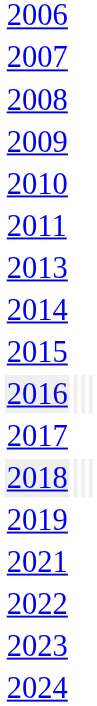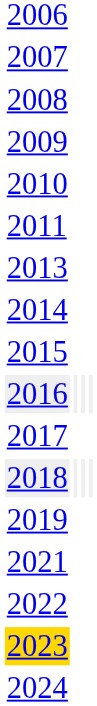 <table>
 <tr>
 <td><a href='#'>2006</a></td>
 <td></td>
 <td></td>
 <td></td>
 </tr>
 <tr>
 <td><a href='#'>2007</a></td>
 <td><br></td>
 <td><br></td>
 <td><br></td>
 </tr>
 <tr>
 <td><a href='#'>2008</a></td>
 <td><br></td>
 <td><br></td>
 <td><br></td>
 </tr>
 <tr>
 <td><a href='#'>2009</a></td>
 <td><br></td>
 <td><br></td>
 <td><br></td>
 </tr>
 <tr>
 <td><a href='#'>2010</a></td>
 <td><br></td>
 <td><br></td>
 <td><br></td>
 </tr>
 <tr>
 <td><a href='#'>2011</a></td>
 <td><br></td>
 <td><br></td>
 <td><br></td>
 </tr>
 <tr>
 <td><a href='#'>2013</a></td>
 <td><br></td>
 <td><br></td>
 <td><br></td>
 </tr>
 <tr>
 <td><a href='#'>2014</a></td>
 <td><br></td>
 <td><br></td>
 <td><br></td>
 </tr>
 <tr>
 <td><a href='#'>2015</a></td>
 <td><br></td>
 <td><br></td>
 <td><br></td>
 </tr>
 <tr bgcolor="#EFEFEF">
 <td><a href='#'>2016</a></td>
 <td><br></td>
 <td><br></td>
 <td><br></td>
 </tr>
 <tr>
 <td><a href='#'>2017</a></td>
 <td><br></td>
 <td><br></td>
 <td><br></td>
 </tr>
 <tr bgcolor="#EFEFEF">
 <td><a href='#'>2018</a></td>
 <td><br></td>
 <td><br></td>
 <td><br></td>
 </tr>
 <tr>
 <td><a href='#'>2019</a></td>
 <td><br></td>
 <td><br></td>
 <td><br></td>
 </tr>
 <tr>
 <td><a href='#'>2021</a></td>
 <td><br></td>
 <td><br></td>
 <td><br></td>
 </tr>
 <tr>
 <td><a href='#'>2022</a></td>
 <td><br></td>
 <td><br></td>
 <td><br></td>
 </tr>
 <tr>
-<td><a href='#'>2023</a></td>
+<td style="background: gold;"><a href='#'>2023</a></td>
 <td><br></td>
 <td><br></td>
 <td><br></td>
 </tr>
 <tr>
 <td><a href='#'>2024</a></td>
 <td><br></td>
 <td><br></td>
 <td><br></td>
 </tr>
 </table>
